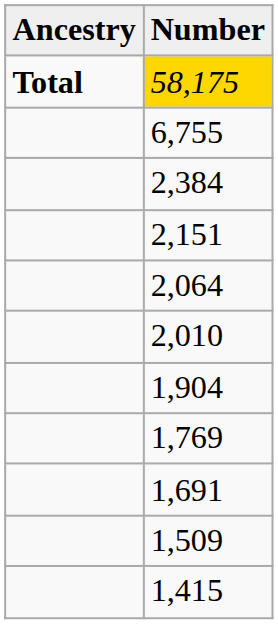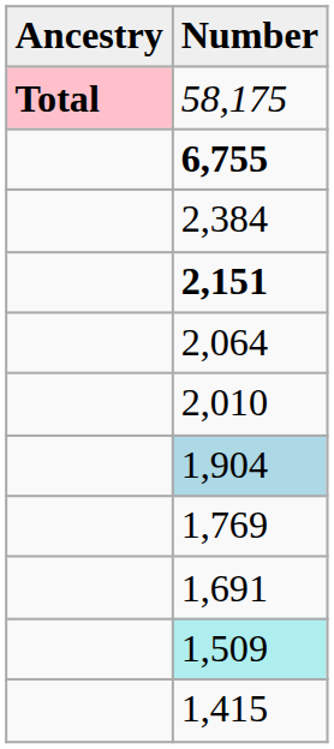 <table style="float: left; margin: 1em;" class="wikitable">
 <tr>
 <th style="background:#efefef;">Ancestry</th>
 <th style="background:#efefef;">Number</th>
 </tr>
 <tr>
-<td><strong>Total</strong></td>
-<td style="background: gold;"><em> 58,175</em></td>
+<td style="background: pink;"><strong>Total</strong></td>
+<td><em> 58,175</em></td>
 </tr>
 <tr>
 <td></td>
-<td>6,755</td>
+<td><strong>6,755</strong></td>
 </tr>
 <tr>
 <td></td>
 <td>2,384</td>
 </tr>
 <tr>
 <td></td>
-<td>2,151</td>
+<td><strong>2,151</strong></td>
 </tr>
 <tr>
 <td></td>
 <td>2,064</td>
 </tr>
 <tr>
 <td></td>
 <td>2,010</td>
 </tr>
 <tr>
 <td></td>
-<td>1,904</td>
+<td style="background: lightblue;">1,904</td>
 </tr>
 <tr>
 <td></td>
 <td>1,769</td>
 </tr>
 <tr>
 <td></td>
 <td>1,691</td>
 </tr>
 <tr>
 <td></td>
-<td>1,509</td>
+<td style="background: paleturquoise;">1,509</td>
 </tr>
 <tr>
 <td></td>
 <td>1,415</td>
 </tr>
 </table>
